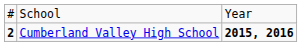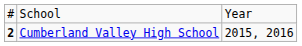 <table class="wikitable">
 <tr>
 <td>#</td>
 <td>School</td>
 <td>Year</td>
 </tr>
 <tr>
 <td><strong>2</strong></td>
 <td><a href='#'>Cumberland Valley High School</a></td>
-<td><strong>2015, 2016</strong></td>
+<td>2015, 2016</td>
 </tr>
 </table>
